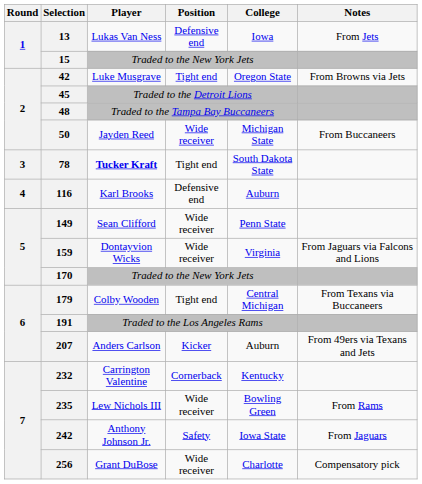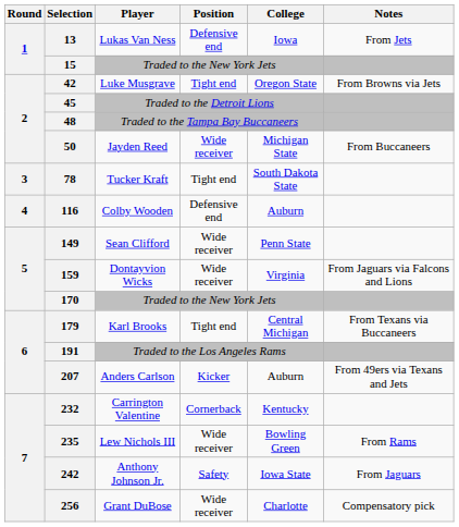 <table class="wikitable" style="text-align:center">
 <tr>
 <th>Round</th>
 <th>Selection</th>
 <th>Player</th>
 <th>Position</th>
 <th>College</th>
 <th>Notes</th>
 </tr>
 <tr>
 <th rowspan="2"><a href='#'>1</a></th>
 <th>13</th>
 <td><a href='#'>Lukas Van Ness</a></td>
 <td><a href='#'>Defensive end</a></td>
 <td><a href='#'>Iowa</a></td>
 <td>From <a href='#'>Jets</a></td>
 </tr>
 <tr>
 <th>15</th>
 <td colspan="3" style="background:#BFBFBF"><em>Traded to the New York Jets</em></td>
 <td style="background:#BFBFBF"></td>
 </tr>
 <tr>
 <th rowspan="4">2</th>
 <th>42</th>
 <td><a href='#'>Luke Musgrave</a></td>
 <td><a href='#'>Tight end</a></td>
 <td><a href='#'>Oregon State</a></td>
 <td>From Browns via Jets</td>
 </tr>
 <tr>
 <th>45</th>
 <td colspan="3" style="background:#BFBFBF"><em>Traded to the <a href='#'>Detroit Lions</a></em></td>
 <td style="background:#BFBFBF"></td>
 </tr>
 <tr>
 <th>48</th>
 <td colspan="3" style="background:#BFBFBF"><em>Traded to the <a href='#'>Tampa Bay Buccaneers</a></em></td>
 <td style="background:#BFBFBF"></td>
 </tr>
 <tr>
 <th>50</th>
 <td><a href='#'>Jayden Reed</a></td>
 <td><a href='#'>Wide receiver</a></td>
 <td><a href='#'>Michigan State</a></td>
 <td>From Buccaneers</td>
 </tr>
 <tr>
 <th>3</th>
 <th>78</th>
-<td><strong><a href='#'>Tucker Kraft</a></strong></td>
+<td><a href='#'>Tucker Kraft</a></td>
 <td>Tight end</td>
 <td><a href='#'>South Dakota State</a></td>
 <td></td>
 </tr>
 <tr>
 <th>4</th>
 <th>116</th>
-<td><a href='#'>Karl Brooks</a></td>
+<td><a href='#'>Colby Wooden</a></td>
 <td>Defensive end</td>
 <td><a href='#'>Auburn</a></td>
 <td></td>
 </tr>
 <tr>
 <th rowspan="3">5</th>
 <th>149</th>
 <td><a href='#'>Sean Clifford</a></td>
 <td>Wide receiver</td>
 <td><a href='#'>Penn State</a></td>
 <td></td>
 </tr>
 <tr>
 <th>159</th>
 <td><a href='#'>Dontayvion Wicks</a></td>
 <td>Wide receiver</td>
 <td><a href='#'>Virginia</a></td>
 <td>From Jaguars via Falcons and Lions</td>
 </tr>
 <tr>
 <th>170</th>
 <td colspan="3" style="background:#BFBFBF"><em>Traded to the New York Jets</em></td>
 <td style="background:#BFBFBF"></td>
 </tr>
 <tr>
 <th rowspan="3">6</th>
 <th>179</th>
-<td><a href='#'>Colby Wooden</a></td>
+<td><a href='#'>Karl Brooks</a></td>
 <td>Tight end</td>
 <td><a href='#'>Central Michigan</a></td>
 <td>From Texans via Buccaneers</td>
 </tr>
 <tr>
 <th>191</th>
 <td colspan="3" style="background:#BFBFBF"><em>Traded to the Los Angeles Rams</em></td>
 <td style="background:#BFBFBF"></td>
 </tr>
 <tr>
 <th>207</th>
 <td><a href='#'>Anders Carlson</a></td>
 <td><a href='#'>Kicker</a></td>
 <td>Auburn</td>
 <td>From 49ers via Texans and Jets</td>
 </tr>
 <tr>
 <th rowspan="4">7</th>
 <th>232</th>
 <td><a href='#'>Carrington Valentine</a></td>
 <td><a href='#'>Cornerback</a></td>
 <td><a href='#'>Kentucky</a></td>
 <td></td>
 </tr>
 <tr>
 <th>235</th>
 <td><a href='#'>Lew Nichols III</a></td>
 <td>Wide receiver</td>
 <td><a href='#'>Bowling Green</a></td>
 <td>From <a href='#'>Rams</a></td>
 </tr>
 <tr>
 <th>242</th>
 <td><a href='#'>Anthony Johnson Jr.</a></td>
 <td><a href='#'>Safety</a></td>
 <td><a href='#'>Iowa State</a></td>
 <td>From <a href='#'>Jaguars</a></td>
 </tr>
 <tr>
 <th>256</th>
 <td><a href='#'>Grant DuBose</a></td>
 <td>Wide receiver</td>
 <td><a href='#'>Charlotte</a></td>
 <td>Compensatory pick</td>
 </tr>
 </table>
